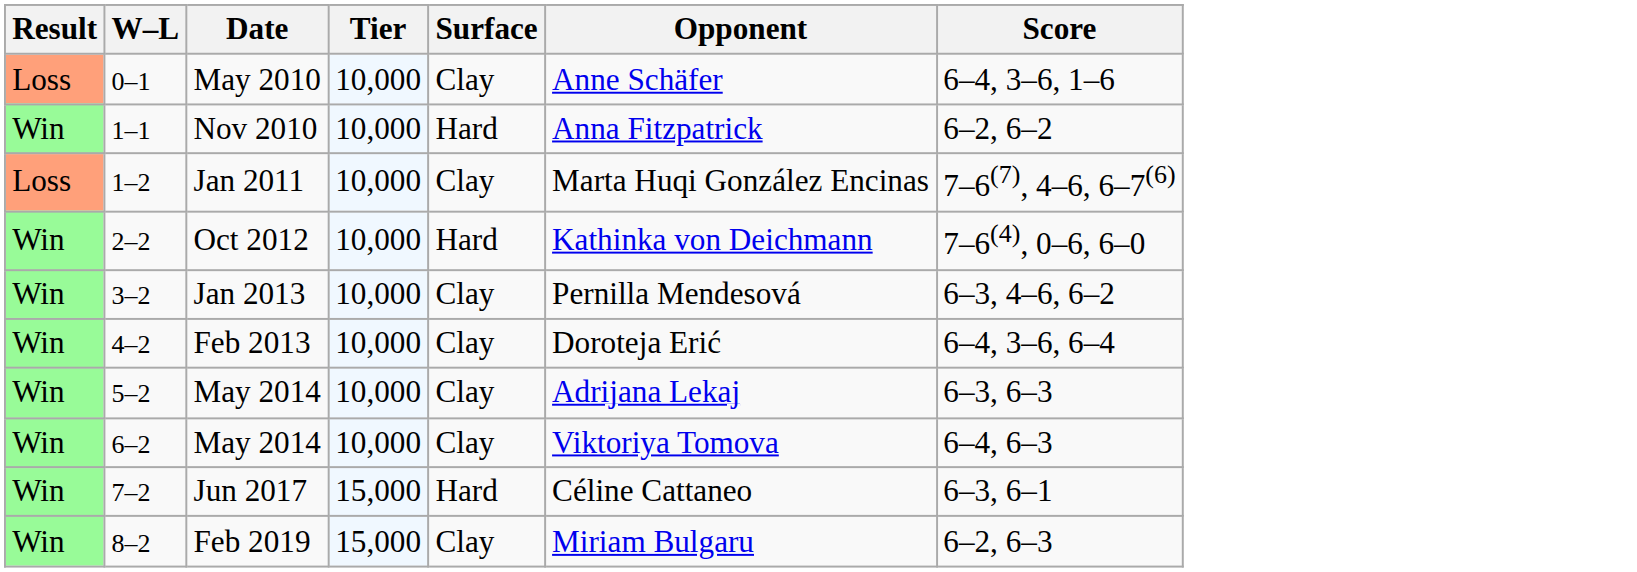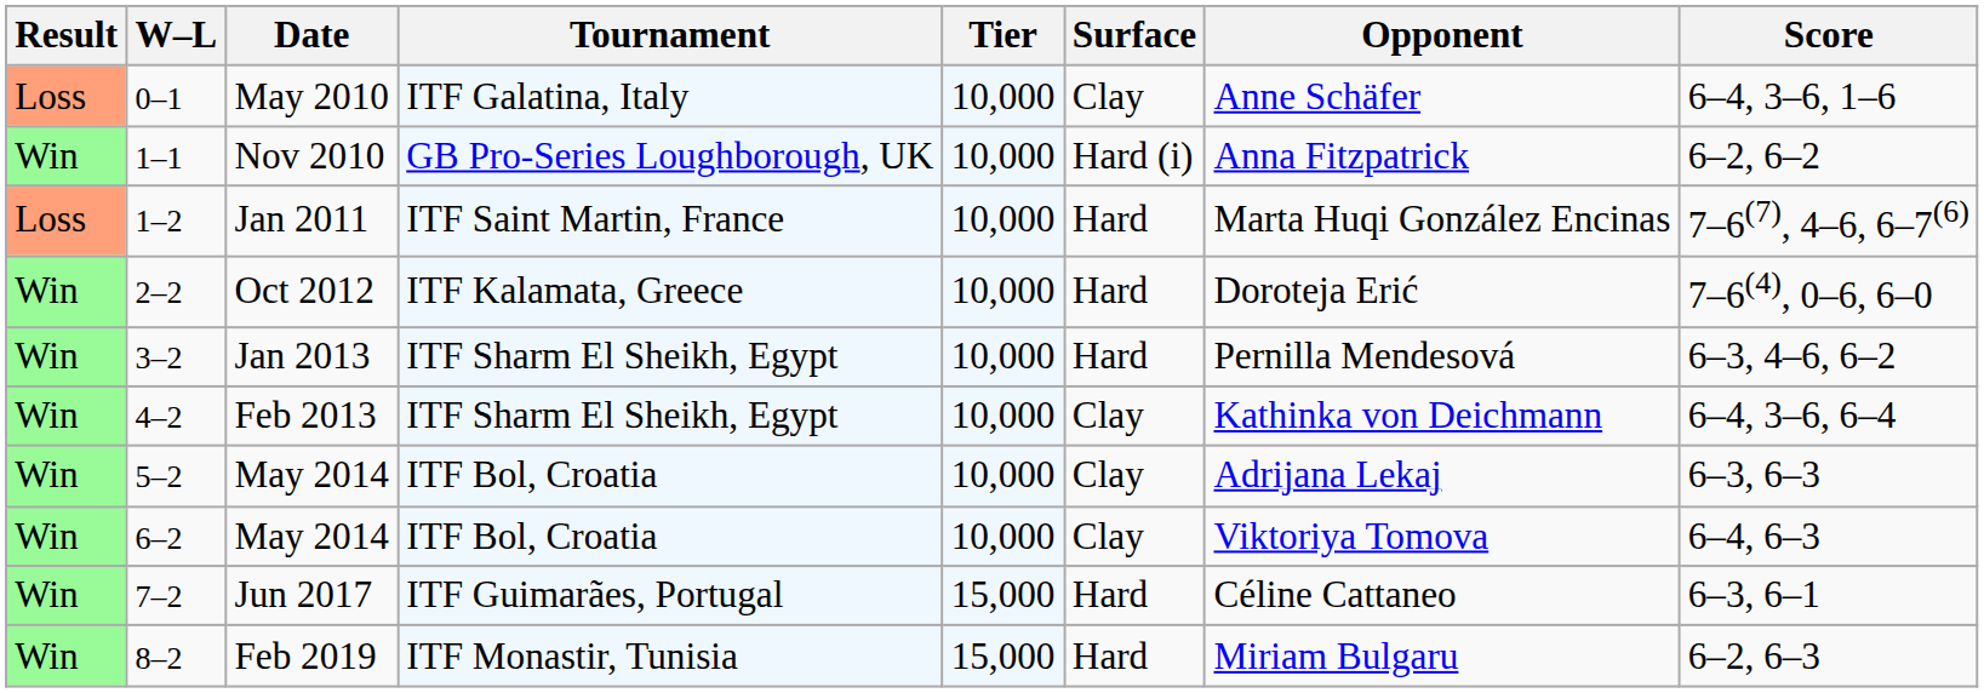 <table class="sortable wikitable">
 <tr>
 <th>Result</th>
 <th class="unsortable">W–L</th>
 <th>Date</th>
+<th>Tournament</th>
 <th>Tier</th>
 <th>Surface</th>
 <th>Opponent</th>
 <th class="unsortable">Score</th>
 </tr>
 <tr>
 <td style="background:#ffa07a;">Loss</td>
 <td><small>0–1</small></td>
 <td>May 2010</td>
+<td style="background:#f0f8ff;">ITF Galatina, Italy</td>
 <td style="background:#f0f8ff;">10,000</td>
 <td>Clay</td>
 <td> <a href='#'>Anne Schäfer</a></td>
 <td>6–4, 3–6, 1–6</td>
 </tr>
 <tr>
 <td style="background:#98fb98;">Win</td>
 <td><small>1–1</small></td>
 <td>Nov 2010</td>
+<td style="background:#f0f8ff;"><a href='#'>GB Pro-Series Loughborough</a>, UK</td>
 <td style="background:#f0f8ff;">10,000</td>
-<td>Hard</td>
+<td>Hard (i)</td>
 <td> <a href='#'>Anna Fitzpatrick</a></td>
 <td>6–2, 6–2</td>
 </tr>
 <tr>
 <td style="background:#ffa07a;">Loss</td>
 <td><small>1–2</small></td>
 <td>Jan 2011</td>
+<td style="background:#f0f8ff;">ITF Saint Martin, France</td>
 <td style="background:#f0f8ff;">10,000</td>
-<td>Clay</td>
+<td>Hard</td>
 <td> Marta Huqi González Encinas</td>
 <td>7–6<sup>(7)</sup>, 4–6, 6–7<sup>(6)</sup></td>
 </tr>
 <tr>
 <td style="background:#98fb98;">Win</td>
 <td><small>2–2</small></td>
 <td>Oct 2012</td>
+<td style="background:#f0f8ff;">ITF Kalamata, Greece</td>
 <td style="background:#f0f8ff;">10,000</td>
 <td>Hard</td>
-<td> <a href='#'>Kathinka von Deichmann</a></td>
+<td> Doroteja Erić</td>
 <td>7–6<sup>(4)</sup>, 0–6, 6–0</td>
 </tr>
 <tr>
 <td style="background:#98fb98;">Win</td>
 <td><small>3–2</small></td>
 <td>Jan 2013</td>
+<td style="background:#f0f8ff;">ITF Sharm El Sheikh, Egypt</td>
 <td style="background:#f0f8ff;">10,000</td>
-<td>Clay</td>
+<td>Hard</td>
 <td> Pernilla Mendesová</td>
 <td>6–3, 4–6, 6–2</td>
 </tr>
 <tr>
 <td style="background:#98fb98;">Win</td>
 <td><small>4–2</small></td>
 <td>Feb 2013</td>
+<td style="background:#f0f8ff;">ITF Sharm El Sheikh, Egypt</td>
 <td style="background:#f0f8ff;">10,000</td>
 <td>Clay</td>
-<td> Doroteja Erić</td>
+<td> <a href='#'>Kathinka von Deichmann</a></td>
 <td>6–4, 3–6, 6–4</td>
 </tr>
 <tr>
 <td style="background:#98fb98;">Win</td>
 <td><small>5–2</small></td>
 <td>May 2014</td>
+<td style="background:#f0f8ff;">ITF Bol, Croatia</td>
 <td style="background:#f0f8ff;">10,000</td>
 <td>Clay</td>
 <td> <a href='#'>Adrijana Lekaj</a></td>
 <td>6–3, 6–3</td>
 </tr>
 <tr>
 <td style="background:#98fb98;">Win</td>
 <td><small>6–2</small></td>
 <td>May 2014</td>
+<td style="background:#f0f8ff;">ITF Bol, Croatia</td>
 <td style="background:#f0f8ff;">10,000</td>
 <td>Clay</td>
 <td> <a href='#'>Viktoriya Tomova</a></td>
 <td>6–4, 6–3</td>
 </tr>
 <tr>
 <td style="background:#98fb98;">Win</td>
 <td><small>7–2</small></td>
 <td>Jun 2017</td>
+<td style="background:#f0f8ff;">ITF Guimarães, Portugal</td>
 <td style="background:#f0f8ff;">15,000</td>
 <td>Hard</td>
 <td> Céline Cattaneo</td>
 <td>6–3, 6–1</td>
 </tr>
 <tr>
 <td style="background:#98fb98;">Win</td>
 <td><small>8–2</small></td>
 <td>Feb 2019</td>
+<td style="background:#f0f8ff;">ITF Monastir, Tunisia</td>
 <td style="background:#f0f8ff;">15,000</td>
-<td>Clay</td>
+<td>Hard</td>
 <td> <a href='#'>Miriam Bulgaru</a></td>
 <td>6–2, 6–3</td>
 </tr>
 </table>
